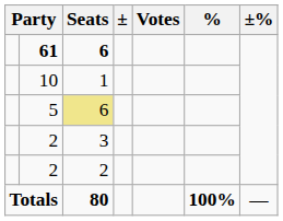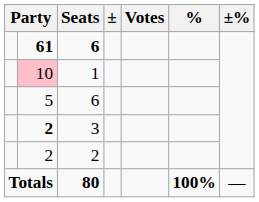 <table class=wikitable>
 <tr>
 <th colspan=2 align=center>Party</th>
 <th valign=top>Seats</th>
 <th valign=top>±</th>
 <th valign=top>Votes</th>
 <th valign=top>%</th>
 <th valign=top>±%</th>
 </tr>
 <tr>
 <td></td>
 <td align=right><strong>61</strong></td>
 <td align=right><strong>6</strong></td>
 <td align=right></td>
 <td align=right></td>
 <td align=right></td>
 </tr>
 <tr>
 <td></td>
-<td align=right>10</td>
+<td align=right style="background: pink;">10</td>
 <td align=right>1</td>
 <td align=right></td>
 <td align=right></td>
 <td align=right></td>
 </tr>
 <tr>
 <td></td>
 <td align=right>5</td>
-<td align=right style="background: khaki;">6</td>
+<td align=right>6</td>
 <td align=right></td>
 <td align=right></td>
 <td align=right></td>
 </tr>
 <tr>
 <td></td>
-<td align=right>2</td>
+<td align=right><strong>2</strong></td>
 <td align=right>3</td>
 <td align=right></td>
 <td align=right></td>
 <td align=right></td>
 </tr>
 <tr>
 <td></td>
 <td align=right>2</td>
 <td align=right>2</td>
 <td align=right></td>
 <td align=right></td>
 <td align=right></td>
 </tr>
 <tr>
 <td colspan=2 align=center><strong>Totals</strong></td>
 <td align=right><strong>80</strong></td>
 <td align=center></td>
 <td align=right></td>
 <td align=center><strong>100%</strong></td>
 <td align=center>—</td>
 </tr>
 </table>
